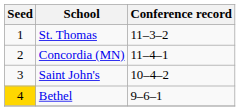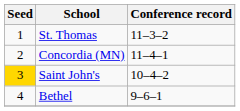 <table class="wikitable">
 <tr>
 <th>Seed</th>
 <th>School</th>
 <th>Conference record</th>
 </tr>
 <tr>
 <td align=center>1</td>
 <td><a href='#'>St. Thomas</a></td>
 <td>11–3–2</td>
 </tr>
 <tr>
 <td align=center>2</td>
 <td><a href='#'>Concordia (MN)</a></td>
 <td>11–4–1</td>
 </tr>
 <tr>
-<td align=center>3</td>
+<td align=center style="background: gold;">3</td>
 <td><a href='#'>Saint John's</a></td>
 <td>10–4–2</td>
 </tr>
 <tr>
-<td align=center style="background: gold;">4</td>
+<td align=center>4</td>
 <td><a href='#'>Bethel</a></td>
 <td>9–6–1</td>
 </tr>
 <tr>
 </tr>
 </table>
